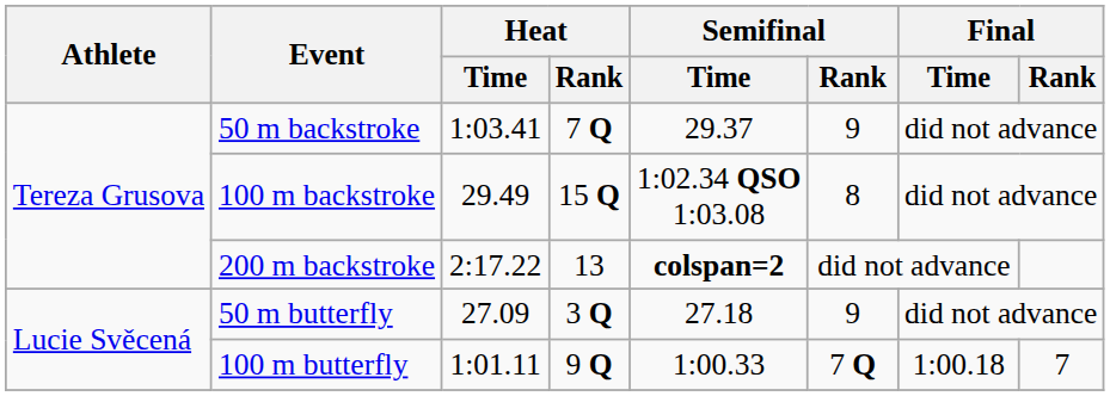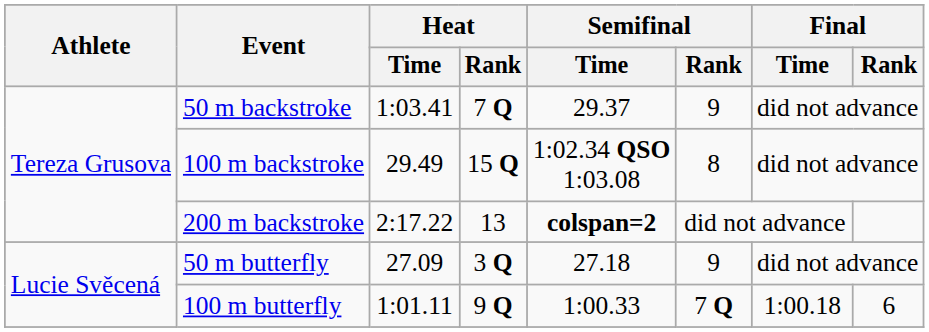 <table class=wikitable style="font-size:90%">
 <tr>
 <th rowspan=2>Athlete</th>
 <th rowspan=2>Event</th>
 <th colspan="2">Heat</th>
 <th colspan="2">Semifinal</th>
 <th colspan="2">Final</th>
 </tr>
 <tr style="font-size:95%">
 <th>Time</th>
 <th>Rank</th>
 <th>Time</th>
 <th>Rank</th>
 <th>Time</th>
 <th>Rank</th>
 </tr>
 <tr align=center>
 <td align=left rowspan=3><a href='#'>Tereza Grusova</a></td>
 <td align=left><a href='#'>50 m backstroke</a></td>
 <td>1:03.41</td>
 <td>7 <strong>Q</strong></td>
 <td>29.37</td>
 <td>9</td>
 <td colspan=2>did not advance</td>
 </tr>
 <tr align=center>
 <td align=left><a href='#'>100 m backstroke</a></td>
 <td>29.49</td>
 <td>15 <strong>Q</strong></td>
 <td>1:02.34 <strong>QSO</strong><br>1:03.08</td>
 <td>8</td>
 <td colspan=2>did not advance</td>
 </tr>
 <tr align=center>
 <td align=left><a href='#'>200 m backstroke</a></td>
 <td>2:17.22</td>
 <td>13</td>
 <td><strong>colspan=2 </strong></td>
 <td colspan=2>did not advance</td>
 </tr>
 <tr align=center>
 <td align=left rowspan=2><a href='#'>Lucie Svěcená</a></td>
 <td align=left><a href='#'>50 m butterfly</a></td>
 <td>27.09</td>
 <td>3 <strong>Q</strong></td>
 <td>27.18</td>
 <td>9</td>
 <td colspan=2>did not advance</td>
 </tr>
 <tr align=center>
 <td align=left><a href='#'>100 m butterfly</a></td>
 <td>1:01.11</td>
 <td>9 <strong>Q</strong></td>
 <td>1:00.33</td>
 <td>7 <strong>Q</strong></td>
 <td>1:00.18</td>
-<td>7</td>
+<td>6</td>
 </tr>
 </table>
